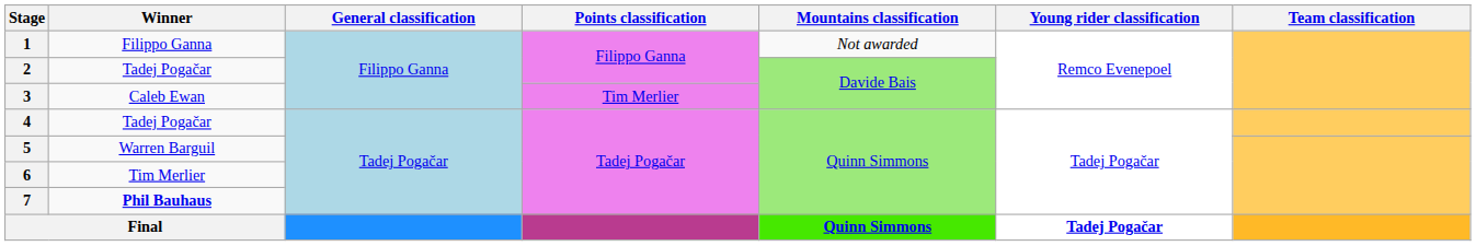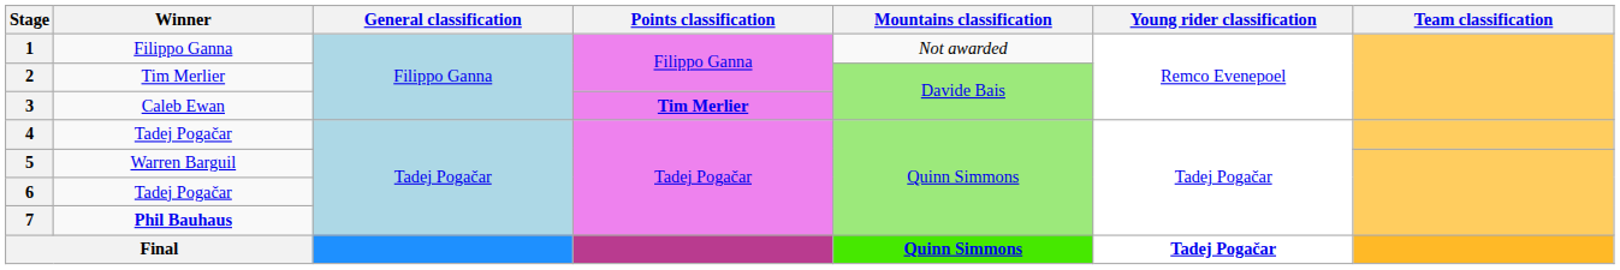 <table class="wikitable" style="text-align: center; font-size:smaller;">
 <tr style="background:#efefef;">
 <th width="1%">Stage</th>
 <th width="16.5%">Winner</th>
 <th width="16.5%"><a href='#'>General classification</a><br></th>
 <th width="16.5%"><a href='#'>Points classification</a><br></th>
 <th width="16.5%"><a href='#'>Mountains classification</a><br></th>
 <th width="16.5%"><a href='#'>Young rider classification</a><br></th>
 <th width="16.5%"><a href='#'>Team classification</a></th>
 </tr>
 <tr>
 <th>1</th>
 <td><a href='#'>Filippo Ganna</a></td>
 <td style="background:#ADD8E6;" rowspan="3"><a href='#'>Filippo Ganna</a></td>
 <td style="background:violet;" rowspan="2"><a href='#'>Filippo Ganna</a></td>
 <td><em>Not awarded</em></td>
 <td style="background:white;" rowspan="3"><a href='#'>Remco Evenepoel</a></td>
 <td style="background:#FFCD5F;" rowspan="3"></td>
 </tr>
 <tr>
 <th>2</th>
-<td><a href='#'>Tadej Pogačar</a></td>
+<td><a href='#'>Tim Merlier</a></td>
 <td style="background:#9CE97B;" rowspan="2"><a href='#'>Davide Bais</a></td>
 </tr>
 <tr>
 <th>3</th>
 <td><a href='#'>Caleb Ewan</a></td>
-<td style="background:violet;"><a href='#'>Tim Merlier</a></td>
+<td style="background:violet;"><strong><a href='#'>Tim Merlier</a></strong></td>
 </tr>
 <tr>
 <th>4</th>
 <td><a href='#'>Tadej Pogačar</a></td>
 <td style="background:#ADD8E6;" rowspan="4"><a href='#'>Tadej Pogačar</a></td>
 <td style="background:violet;" rowspan="4"><a href='#'>Tadej Pogačar</a></td>
 <td style="background:#9CE97B;" rowspan="4"><a href='#'>Quinn Simmons</a></td>
 <td style="background:white;" rowspan="4"><a href='#'>Tadej Pogačar</a></td>
 <td style="background:#FFCD5F;"></td>
 </tr>
 <tr>
 <th>5</th>
 <td><a href='#'>Warren Barguil</a></td>
 <td style="background:#FFCD5F;" rowspan="3"></td>
 </tr>
 <tr>
 <th>6</th>
-<td><a href='#'>Tim Merlier</a></td>
+<td><a href='#'>Tadej Pogačar</a></td>
 </tr>
 <tr>
 <th>7</th>
 <td><strong><a href='#'>Phil Bauhaus</a></strong></td>
 </tr>
 <tr>
 <th colspan="2">Final</th>
 <th style="background:dodgerblue;"></th>
 <th style="background:#B93B8F;"></th>
 <th style="background:#46E800;"><a href='#'>Quinn Simmons</a></th>
 <th style="background:white;"><a href='#'>Tadej Pogačar</a></th>
 <th style="background:#FFB927;"></th>
 </tr>
 </table>
